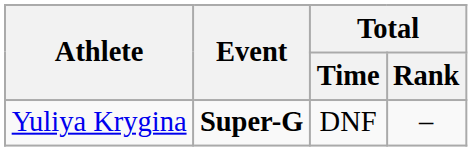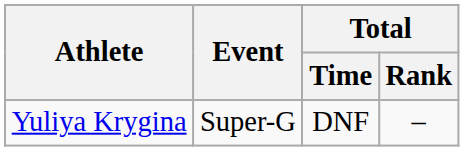 <table class="wikitable" style="font-size:90%">
 <tr>
 <th rowspan="2">Athlete</th>
 <th rowspan="2">Event</th>
 <th colspan="2">Total</th>
 </tr>
 <tr>
 <th>Time</th>
 <th>Rank</th>
 </tr>
 <tr>
 <td><a href='#'>Yuliya Krygina</a></td>
-<td><strong>Super-G</strong></td>
+<td>Super-G</td>
 <td align="center">DNF</td>
 <td align="center">–</td>
 </tr>
 </table>
